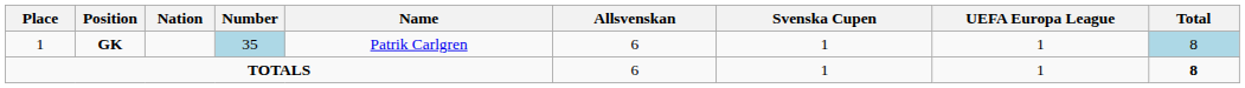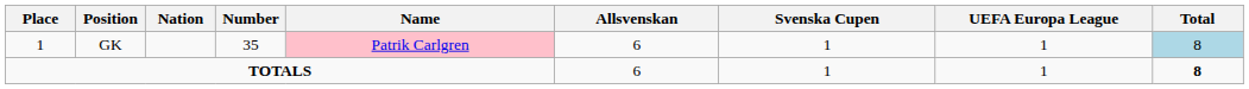 <table class="wikitable" style="font-size: 95%; text-align: center;">
 <tr>
 <th width=60>Place</th>
 <th width=60>Position</th>
 <th width=60>Nation</th>
 <th width=60>Number</th>
 <th width=250>Name</th>
 <th width=150>Allsvenskan</th>
 <th width=200>Svenska Cupen</th>
 <th width=200>UEFA Europa League</th>
 <th width=80><strong>Total</strong></th>
 </tr>
 <tr>
 <td>1</td>
-<td><strong>GK</strong></td>
+<td>GK</td>
 <td></td>
-<td style="background: lightblue;">35</td>
-<td><a href='#'>Patrik Carlgren</a></td>
+<td>35</td>
+<td style="background: pink;"><a href='#'>Patrik Carlgren</a></td>
 <td>6</td>
 <td>1</td>
 <td>1</td>
 <td style="background: lightblue;">8</td>
 </tr>
 <tr>
 <td colspan="5"><strong>TOTALS</strong></td>
 <td>6</td>
 <td>1</td>
 <td>1</td>
 <td><strong>8</strong></td>
 </tr>
 </table>
